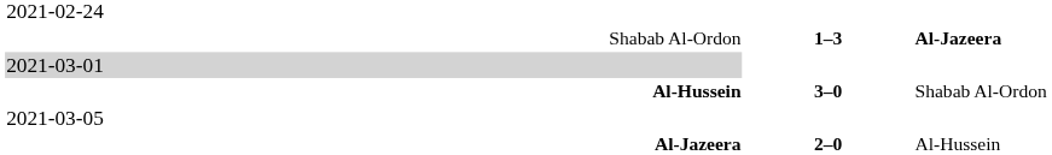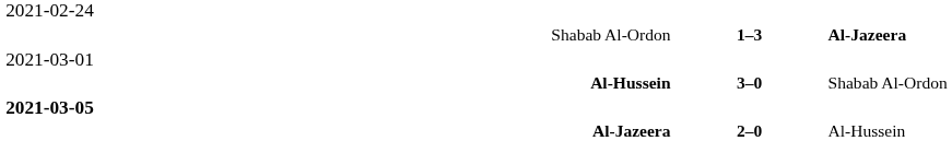 <table width="100%" cellspacing="1">
 <tr>
 <td>2021-02-24</td>
 </tr>
 <tr style="font-size:90%">
 <td align="right">Shabab Al-Ordon</td>
 <td align="center"><strong>1–3</strong></td>
 <td><strong>Al-Jazeera</strong></td>
 </tr>
 <tr>
-<td style="background: lightgrey;">2021-03-01</td>
+<td>2021-03-01</td>
 </tr>
 <tr style="font-size:90%">
 <td align="right"><strong>Al-Hussein</strong></td>
 <td align="center"><strong>3–0</strong></td>
 <td>Shabab Al-Ordon</td>
 </tr>
 <tr>
-<td>2021-03-05</td>
+<td><strong>2021-03-05</strong></td>
 </tr>
 <tr style="font-size:90%">
 <td align="right"><strong>Al-Jazeera</strong></td>
 <td align="center"><strong>2–0</strong></td>
 <td>Al-Hussein</td>
 </tr>
 </table>
